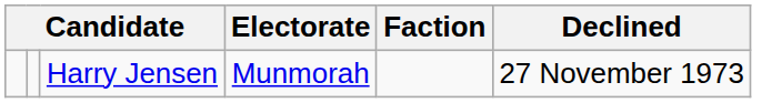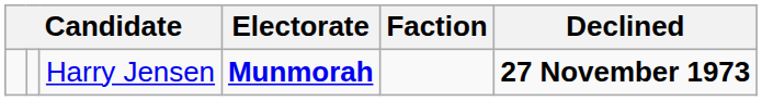 <table class="wikitable" style="text-align:center">
 <tr>
 <th colspan=3>Candidate</th>
 <th>Electorate</th>
 <th>Faction</th>
 <th>Declined</th>
 </tr>
 <tr>
 <td width="3pt" > </td>
 <td></td>
 <td><a href='#'>Harry Jensen</a></td>
-<td><a href='#'>Munmorah</a></td>
+<td><strong><a href='#'>Munmorah</a></strong></td>
 <td></td>
-<td>27 November 1973</td>
+<td><strong>27 November 1973</strong></td>
 </tr>
 </table>
